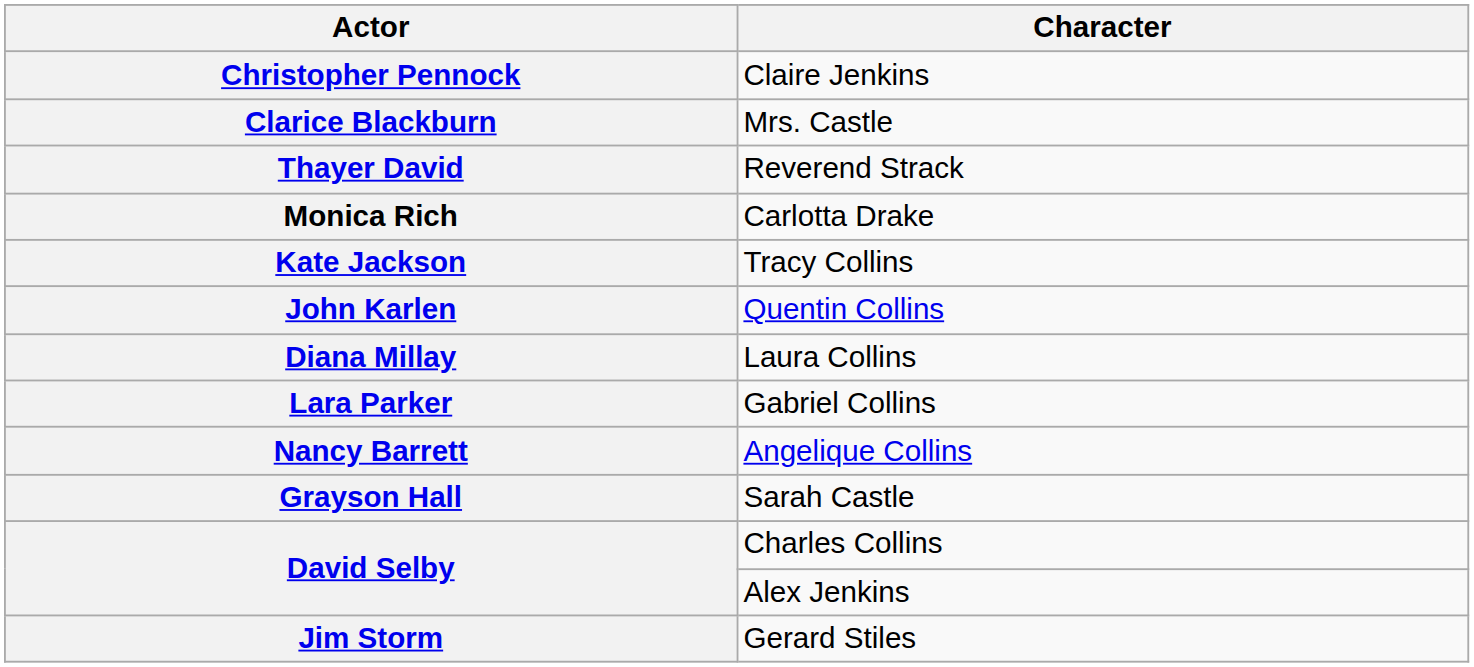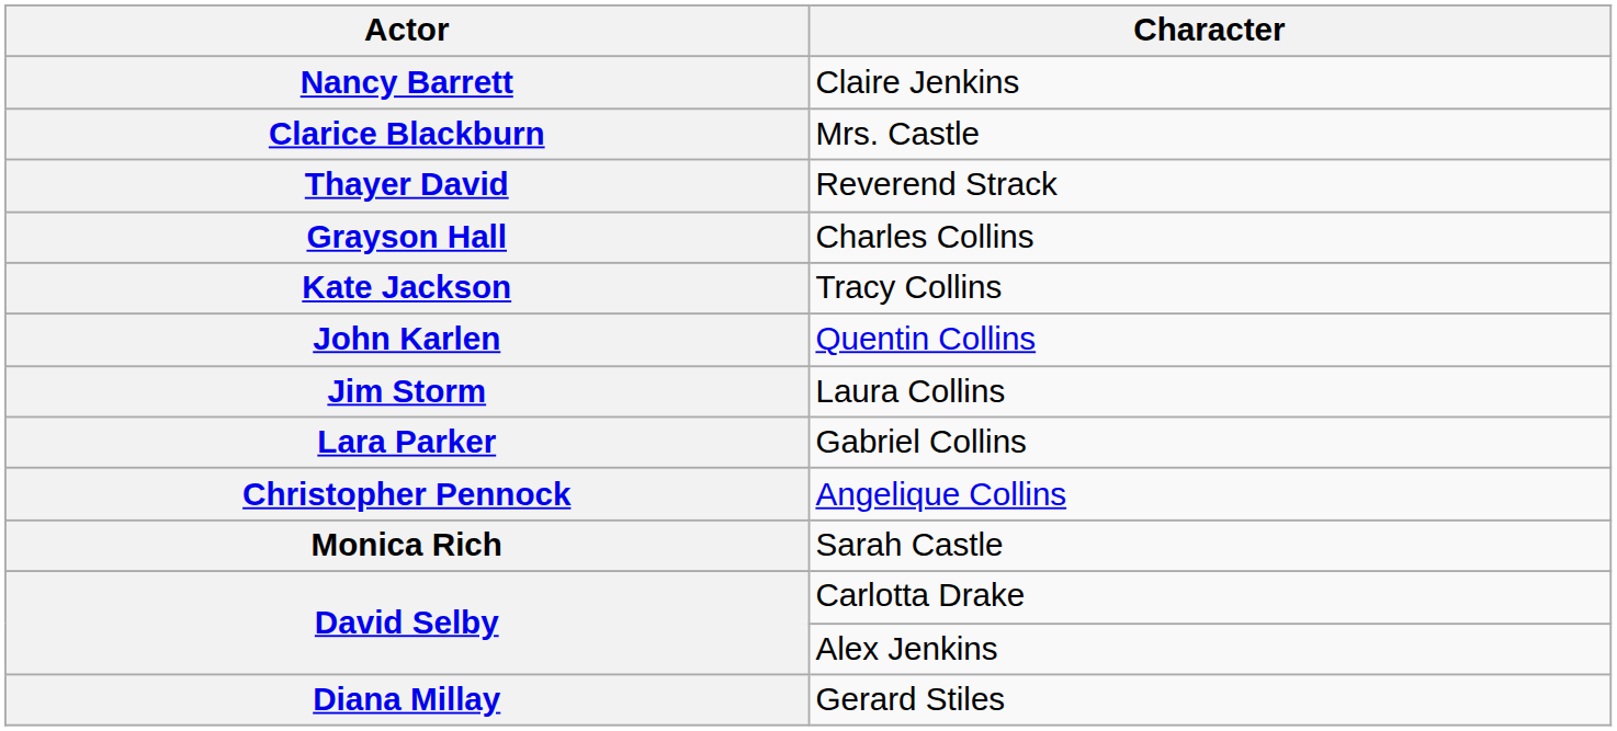 <table class="wikitable plainrowheaders sortable" style="width:50%;">
 <tr>
 <th style="width:20%;">Actor</th>
 <th style="width:20%;">Character</th>
 </tr>
 <tr>
-<th scope="row"><a href='#'>Christopher Pennock</a></th>
+<th scope="row"><a href='#'>Nancy Barrett</a></th>
 <td>Claire Jenkins</td>
 </tr>
 <tr>
 <th scope="row"><a href='#'>Clarice Blackburn</a></th>
 <td>Mrs. Castle</td>
 </tr>
 <tr>
 <th scope="row"><a href='#'>Thayer David</a></th>
 <td>Reverend Strack</td>
 </tr>
 <tr>
-<th scope="row">Monica Rich</th>
-<td>Carlotta Drake</td>
+<th scope="row"><a href='#'>Grayson Hall</a></th>
+<td>Charles Collins</td>
 </tr>
 <tr>
 <th scope="row"><a href='#'>Kate Jackson</a></th>
 <td>Tracy Collins</td>
 </tr>
 <tr>
 <th scope="row"><a href='#'>John Karlen</a></th>
 <td><a href='#'>Quentin Collins</a></td>
 </tr>
 <tr>
-<th scope="row"><a href='#'>Diana Millay</a></th>
+<th scope="row"><a href='#'>Jim Storm</a></th>
 <td>Laura Collins</td>
 </tr>
 <tr>
 <th scope="row"><a href='#'>Lara Parker</a></th>
 <td>Gabriel Collins</td>
 </tr>
 <tr>
-<th scope="row"><a href='#'>Nancy Barrett</a></th>
+<th scope="row"><a href='#'>Christopher Pennock</a></th>
 <td><a href='#'>Angelique Collins</a></td>
 </tr>
 <tr>
-<th scope="row"><a href='#'>Grayson Hall</a></th>
+<th scope="row">Monica Rich</th>
 <td>Sarah Castle</td>
 </tr>
 <tr>
 <th scope="row" rowspan="2"><a href='#'>David Selby</a></th>
-<td>Charles Collins</td>
+<td>Carlotta Drake</td>
 </tr>
 <tr>
 <td>Alex Jenkins</td>
 </tr>
 <tr>
-<th scope="row"><a href='#'>Jim Storm</a></th>
+<th scope="row"><a href='#'>Diana Millay</a></th>
 <td>Gerard Stiles</td>
 </tr>
 </table>
